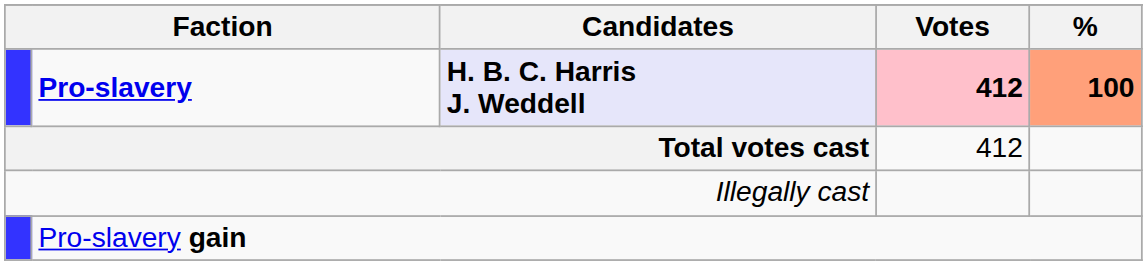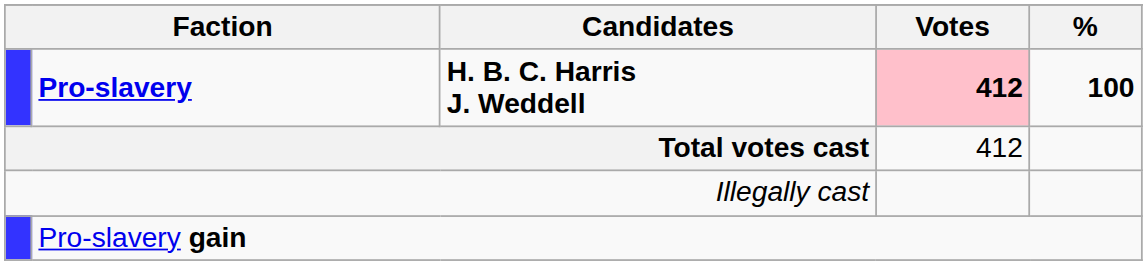 <table class="wikitable plainrowheaders" style="text-align:center;">
 <tr>
 </tr>
 <tr>
 <th scope="col" colspan="2" style="width: 15em">Faction</th>
 <th scope="col" style="width: 15em">Candidates</th>
 <th scope="col" style="width: 5em">Votes</th>
 <th scope="col" style="width: 3.5em">%</th>
 </tr>
 <tr>
 <td style="width: 0.5em; background-color:#3333FF"></td>
 <td style="text-align: left"><strong><a href='#'>Pro-slavery</a></strong></td>
-<td style="background: lavender; text-align: left"><strong>H. B. C. Harris</strong><br><strong>J. Weddell</strong></td>
+<td style="text-align: left"><strong>H. B. C. Harris</strong><br><strong>J. Weddell</strong></td>
 <td style="background: pink; text-align: right; margin-right: 0.5em"><strong>412</strong></td>
-<td style="background: lightsalmon; text-align: right; margin-right: 0.5em"><strong>100</strong></td>
+<td style="text-align: right; margin-right: 0.5em"><strong>100</strong></td>
 </tr>
 <tr>
 <th colspan="3" style="text-align:right;">Total votes cast</th>
 <td style="text-align:right;">412</td>
 <td style="text-align:right;"></td>
 </tr>
 <tr>
 <td colspan="3" style="text-align:right;"><em>Illegally cast</em></td>
 <td style="text-align:right;"></td>
 <td style="text-align:right;"></td>
 </tr>
 <tr>
 <td style="width: 0.5em; background-color:#3333FF"></td>
 <td colspan="4" style="text-align:left;"><a href='#'>Pro-slavery</a> <strong>gain</strong></td>
 </tr>
 </table>
